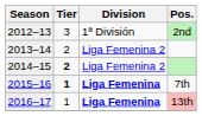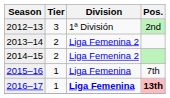 <table class="wikitable" style="font-size:85%; text-align:center">
 <tr>
 <th>Season</th>
 <th>Tier</th>
 <th>Division</th>
 <th>Pos.</th>
 </tr>
 <tr>
 <td bgcolor=#efefef>2012–13</td>
 <td>3</td>
 <td align=left>1ª División</td>
 <td bgcolor=#BBF3BB>2nd</td>
 </tr>
 <tr>
 <td bgcolor=#efefef>2013–14</td>
 <td>2</td>
 <td align=left><a href='#'>Liga Femenina 2</a></td>
 <td></td>
 </tr>
 <tr>
 <td bgcolor=#efefef>2014–15</td>
-<td><strong>2</strong></td>
+<td>2</td>
 <td align=left><a href='#'>Liga Femenina 2</a></td>
 <td bgcolor=#BBF3BB></td>
 </tr>
 <tr>
 <td bgcolor=#efefef><a href='#'>2015–16</a></td>
-<td><strong>1</strong></td>
-<td align=left><strong><a href='#'>Liga Femenina</a></strong></td>
+<td>1</td>
+<td align=left><a href='#'>Liga Femenina</a></td>
 <td>7th</td>
 </tr>
 <tr>
 <td bgcolor=#efefef><a href='#'>2016–17</a></td>
 <td>1</td>
 <td align=left><strong><a href='#'>Liga Femenina</a></strong></td>
-<td bgcolor=#FFBBBB>13th</td>
+<td bgcolor=#FFBBBB><strong>13th</strong></td>
 </tr>
 <tr>
 </tr>
 </table>
